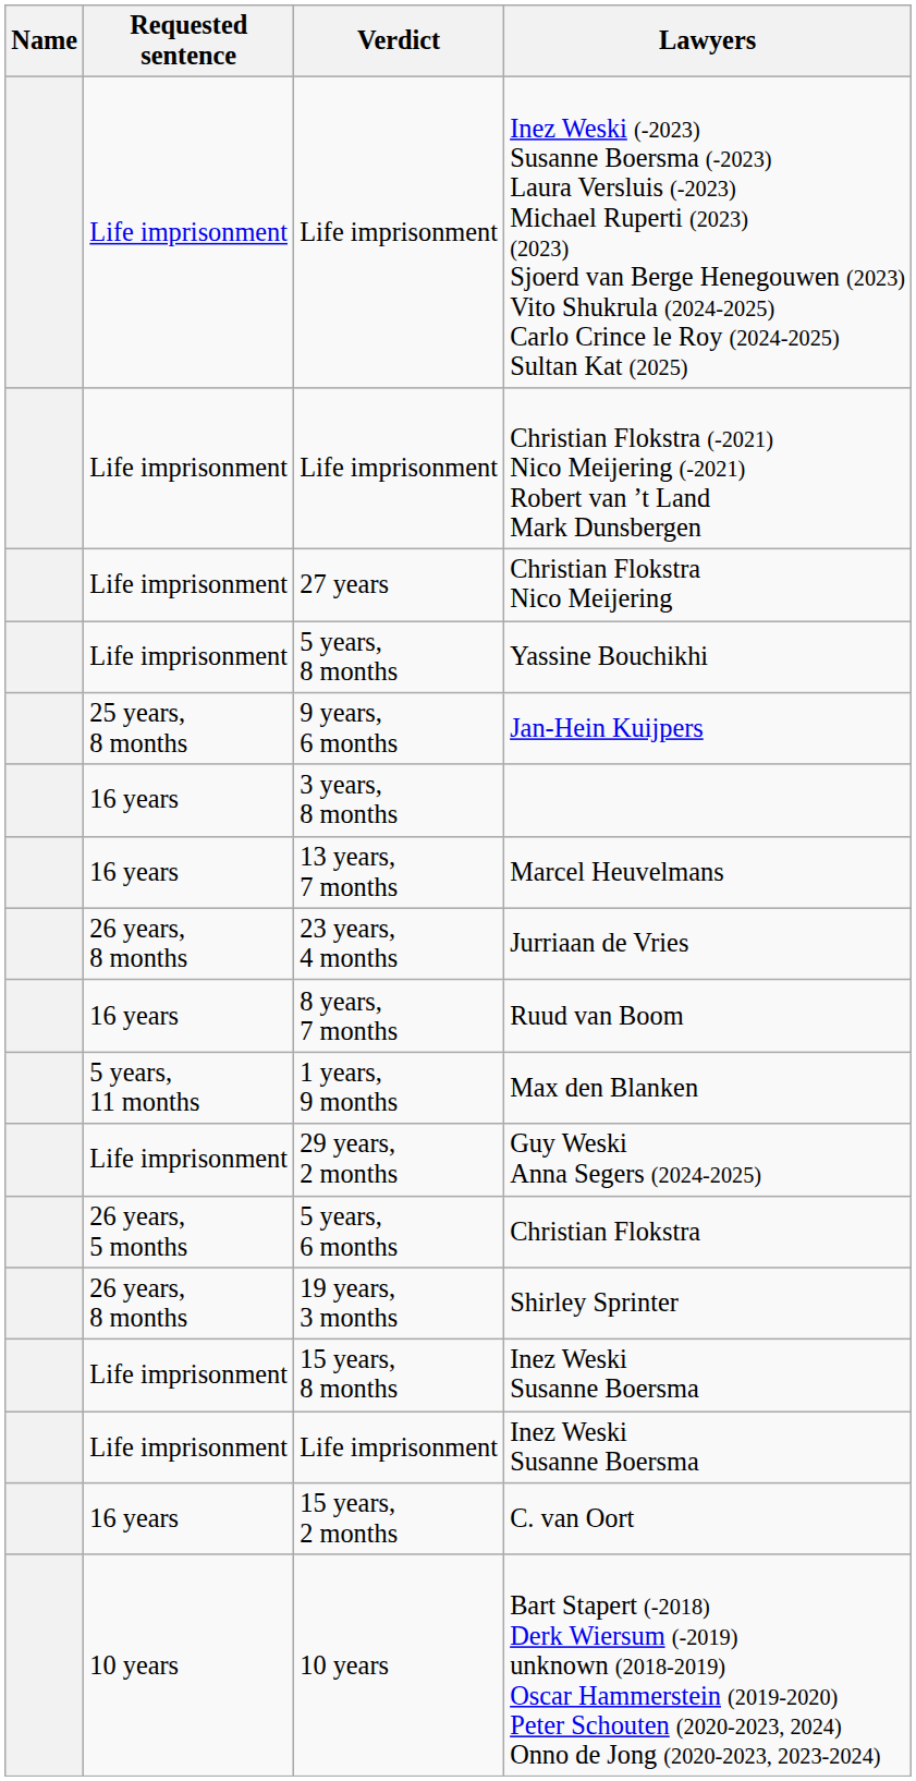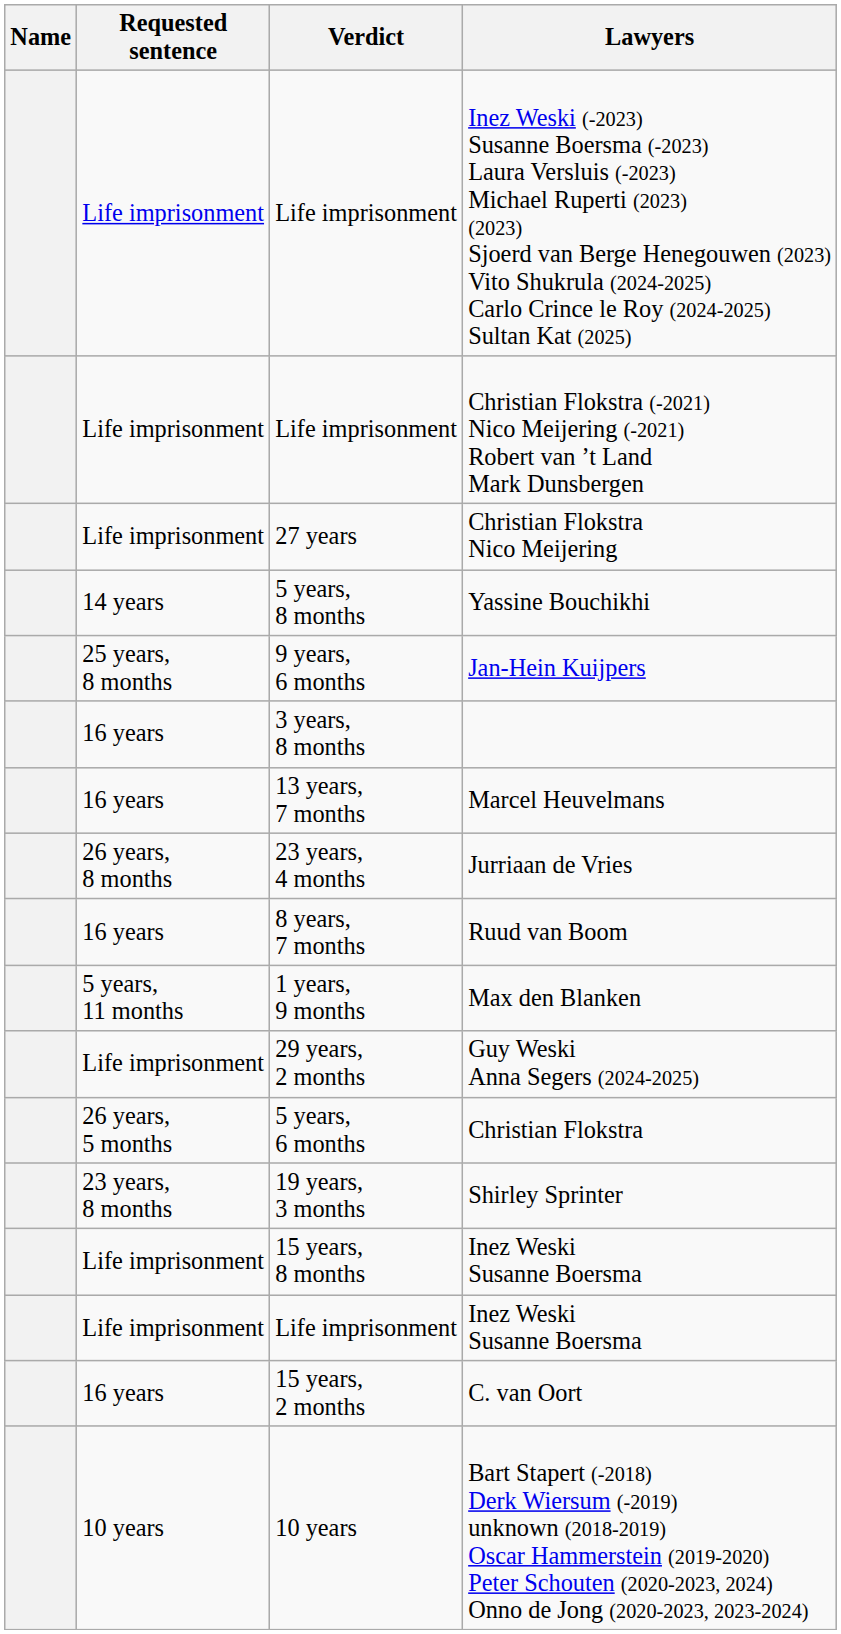 <table class="wikitable sortable">
 <tr>
 <th scope="col">Name</th>
 <th>Requested<br>sentence</th>
 <th scope="col">Verdict</th>
 <th scope="col">Lawyers</th>
 </tr>
 <tr>
 <th scope="row"></th>
 <td data-sort-value=30><a href='#'>Life imprisonment</a></td>
 <td data-sort-value=30>Life imprisonment</td>
 <td><br><a href='#'>Inez Weski</a> <small>(-2023)</small><br> Susanne Boersma <small>(-2023)</small><br> Laura Versluis <small>(-2023)</small><br> Michael Ruperti <small>(2023)</small><br>  <small>(2023)</small><br> Sjoerd van Berge Henegouwen <small>(2023)</small><br> Vito Shukrula <small>(2024-2025)</small><br> Carlo Crince le Roy <small>(2024-2025)</small><br> Sultan Kat <small>(2025)</small></td>
 </tr>
 <tr>
 <th scope="row"></th>
 <td data-sort-value=30>Life imprisonment</td>
 <td data-sort-value=30>Life imprisonment</td>
 <td><br>Christian Flokstra <small>(-2021)</small><br> Nico Meijering <small>(-2021)</small><br> Robert van ’t Land<br> Mark Dunsbergen</td>
 </tr>
 <tr>
 <th scope="row"></th>
 <td data-sort-value=30>Life imprisonment</td>
 <td data-sort-value=27>27 years</td>
 <td>Christian Flokstra<br>Nico Meijering</td>
 </tr>
 <tr>
 <th scope="row"></th>
-<td data-sort-value=30>Life imprisonment</td>
+<td data-sort-value=14>14 years</td>
 <td data-sort-value=5>5 years,<br>8 months</td>
 <td>Yassine Bouchikhi</td>
 </tr>
 <tr>
 <th scope="row"></th>
 <td data-sort-value=25,8>25 years,<br>8 months</td>
 <td data-sort-value=9>9 years,<br>6 months</td>
 <td><a href='#'>Jan-Hein Kuijpers</a></td>
 </tr>
 <tr>
 <th scope="row"></th>
 <td data-sort-value=16>16 years</td>
 <td data-sort-value=3>3 years,<br>8 months</td>
 <td></td>
 </tr>
 <tr>
 <th scope="row"></th>
 <td data-sort-value=16>16 years</td>
 <td data-sort-value=13>13 years,<br>7 months</td>
 <td>Marcel Heuvelmans</td>
 </tr>
 <tr>
 <th scope="row"></th>
 <td data-sort-value=26,8>26 years,<br>8 months</td>
 <td data-sort-value=23>23 years,<br>4 months</td>
 <td>Jurriaan de Vries</td>
 </tr>
 <tr>
 <th scope="row"></th>
 <td data-sort-value=16>16 years</td>
 <td data-sort-value=8>8 years,<br>7 months</td>
 <td>Ruud van Boom</td>
 </tr>
 <tr>
 <th scope="row"></th>
 <td data-sort-value=5>5 years,<br>11 months</td>
 <td data-sort-value=1>1 years,<br>9 months</td>
 <td>Max den Blanken</td>
 </tr>
 <tr>
 <th scope="row"></th>
 <td data-sort-value=30>Life imprisonment</td>
 <td data-sort-value=29>29 years,<br>2 months</td>
 <td>Guy Weski<br>Anna Segers <small>(2024-2025)</small></td>
 </tr>
 <tr>
 <th scope="row"></th>
 <td data-sort-value=26,5>26 years,<br>5 months</td>
 <td data-sort-value=5>5 years,<br>6 months</td>
 <td>Christian Flokstra</td>
 </tr>
 <tr>
 <th scope="row"></th>
-<td data-sort-value=26,8>26 years,<br>8 months</td>
+<td data-sort-value=23,8>23 years,<br>8 months</td>
 <td data-sort-value=19>19 years,<br>3 months</td>
 <td>Shirley Sprinter</td>
 </tr>
 <tr>
 <th scope="row"></th>
 <td data-sort-value=30>Life imprisonment</td>
 <td data-sort-value=15>15 years,<br>8 months</td>
 <td>Inez Weski<br>Susanne Boersma</td>
 </tr>
 <tr>
 <th scope="row"></th>
 <td data-sort-value=30>Life imprisonment</td>
 <td data-sort-value=30>Life imprisonment</td>
 <td>Inez Weski<br>Susanne Boersma</td>
 </tr>
 <tr>
 <th scope="row"></th>
 <td data-sort-value=16>16 years</td>
 <td data-sort-value=15>15 years,<br>2 months</td>
 <td>C. van Oort</td>
 </tr>
 <tr>
 <th scope="row"><br></th>
 <td data-sort-value=10>10 years</td>
 <td data-sort-value=10>10 years</td>
 <td><br>Bart Stapert <small>(-2018)</small><br> <a href='#'>Derk Wiersum</a> <small>(-2019)</small><br> unknown <small>(2018-2019)</small><br> <a href='#'>Oscar Hammerstein</a> <small>(2019-2020)</small><br> <a href='#'>Peter Schouten</a> <small>(2020-2023, 2024)</small><br> Onno de Jong <small>(2020-2023, 2023-2024)</small></td>
 </tr>
 </table>
